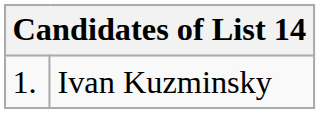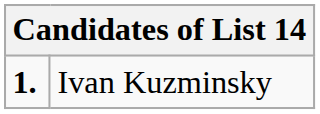 <table class=wikitable>
 <tr>
 <th colspan=3>Candidates of List 14</th>
 </tr>
 <tr>
-<td>1.</td>
+<td><strong>1.</strong></td>
 <td>Ivan Kuzminsky</td>
 </tr>
 </table>
